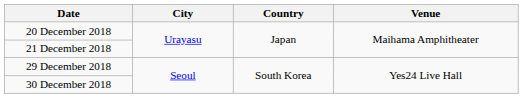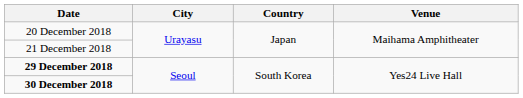 <table class="wikitable" style="text-align:center;">
 <tr>
 <th scope="col" style="width:11em;">Date</th>
 <th scope="col" style="width:8.5em;">City</th>
 <th scope="col" style="width:8.5em;">Country</th>
 <th scope="col" style="width:16em;">Venue</th>
 </tr>
 <tr>
 <td>20 December 2018</td>
 <td rowspan="2"><a href='#'>Urayasu</a></td>
 <td rowspan="2">Japan</td>
 <td rowspan="2">Maihama Amphitheater</td>
 </tr>
 <tr>
 <td>21 December 2018</td>
 </tr>
 <tr>
-<td>29 December 2018</td>
+<td><strong>29 December 2018</strong></td>
 <td rowspan="2"><a href='#'>Seoul</a></td>
 <td rowspan="2">South Korea</td>
 <td rowspan="2">Yes24 Live Hall</td>
 </tr>
 <tr>
-<td>30 December 2018</td>
+<td><strong>30 December 2018</strong></td>
 </tr>
 </table>
